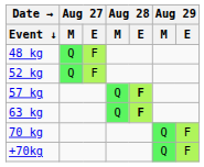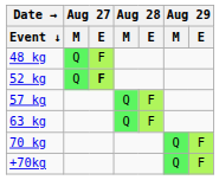 <table class="wikitable" style="margin:0.5em auto; font-size:90%; line-height:1.25em; text-align:center;">
 <tr>
 <th>Date →</th>
 <th colspan="2">Aug 27</th>
 <th colspan="2">Aug 28</th>
 <th colspan="2">Aug 29</th>
 </tr>
 <tr>
 <th>Event  ↓</th>
 <th>M</th>
 <th>E</th>
 <th>M</th>
 <th>E</th>
 <th>M</th>
 <th>E</th>
 </tr>
 <tr>
 <td style="text-align:left;"><a href='#'>48 kg</a></td>
 <td style="background-color:#5BF560;">Q</td>
 <td style="background-color:#AFF55B;">F</td>
 <td colspan=2></td>
 <td colspan=2></td>
 </tr>
 <tr>
 <td style="text-align:left;"><a href='#'>52 kg</a></td>
 <td style="background-color:#5BF560;">Q</td>
-<td style="background-color:#AFF55B;">F</td>
+<td style="background-color:#AFF55B;"><strong>F</strong></td>
 <td colspan=2></td>
 <td colspan=2></td>
 </tr>
 <tr>
 <td style="text-align:left;"><a href='#'>57 kg</a></td>
 <td colspan=2></td>
 <td style="background-color:#5BF560;">Q</td>
-<td style="background-color:#AFF55B;"><strong>F</strong></td>
+<td style="background-color:#AFF55B;">F</td>
 <td colspan=2></td>
 </tr>
 <tr>
 <td style="text-align:left;"><a href='#'>63 kg</a></td>
 <td colspan=2></td>
 <td style="background-color:#5BF560;">Q</td>
-<td style="background-color:#AFF55B;"><strong>F</strong></td>
+<td style="background-color:#AFF55B;">F</td>
 <td colspan=2></td>
 </tr>
 <tr>
 <td style="text-align:left;"><a href='#'>70 kg</a></td>
 <td colspan=2></td>
 <td colspan=2></td>
 <td style="background-color:#5BF560;">Q</td>
 <td style="background-color:#AFF55B;">F</td>
 </tr>
 <tr>
 <td style="text-align:left;"><a href='#'>+70kg</a></td>
 <td colspan=2></td>
 <td colspan=2></td>
 <td style="background-color:#5BF560;">Q</td>
 <td style="background-color:#AFF55B;">F</td>
 </tr>
 </table>
